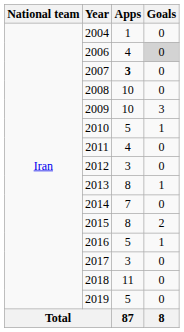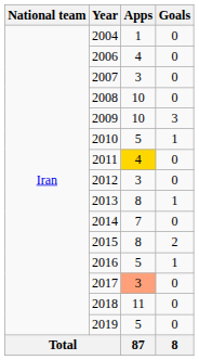 <table class="wikitable" style="text-align:center">
 <tr>
 <th>National team</th>
 <th>Year</th>
 <th>Apps</th>
 <th>Goals</th>
 </tr>
 <tr>
 <td rowspan="15"><a href='#'>Iran</a></td>
 <td>2004</td>
 <td>1</td>
 <td>0</td>
 </tr>
 <tr>
 <td>2006</td>
 <td>4</td>
-<td style="background: lightgrey;">0</td>
+<td>0</td>
 </tr>
 <tr>
 <td>2007</td>
-<td><strong>3</strong></td>
+<td>3</td>
 <td>0</td>
 </tr>
 <tr>
 <td>2008</td>
 <td>10</td>
 <td>0</td>
 </tr>
 <tr>
 <td>2009</td>
 <td>10</td>
 <td>3</td>
 </tr>
 <tr>
 <td>2010</td>
 <td>5</td>
 <td>1</td>
 </tr>
 <tr>
 <td>2011</td>
-<td>4</td>
+<td style="background: gold;">4</td>
 <td>0</td>
 </tr>
 <tr>
 <td>2012</td>
 <td>3</td>
 <td>0</td>
 </tr>
 <tr>
 <td>2013</td>
 <td>8</td>
 <td>1</td>
 </tr>
 <tr>
 <td>2014</td>
 <td>7</td>
 <td>0</td>
 </tr>
 <tr>
 <td>2015</td>
 <td>8</td>
 <td>2</td>
 </tr>
 <tr>
 <td>2016</td>
 <td>5</td>
 <td>1</td>
 </tr>
 <tr>
 <td>2017</td>
-<td>3</td>
+<td style="background: lightsalmon;">3</td>
 <td>0</td>
 </tr>
 <tr>
 <td>2018</td>
 <td>11</td>
 <td>0</td>
 </tr>
 <tr>
 <td>2019</td>
 <td>5</td>
 <td>0</td>
 </tr>
 <tr>
 <th colspan="2">Total</th>
 <th>87</th>
 <th>8</th>
 </tr>
 </table>
